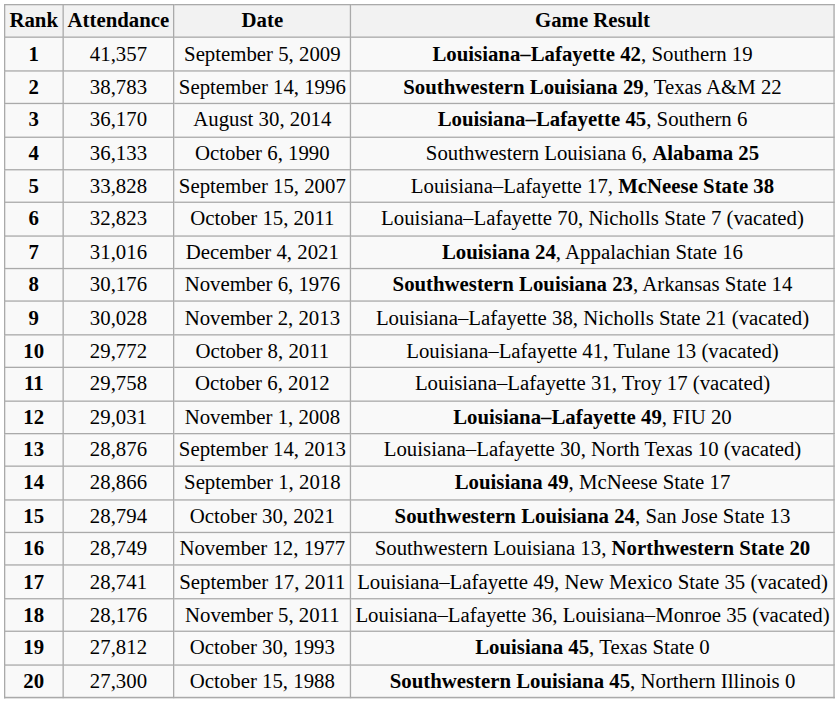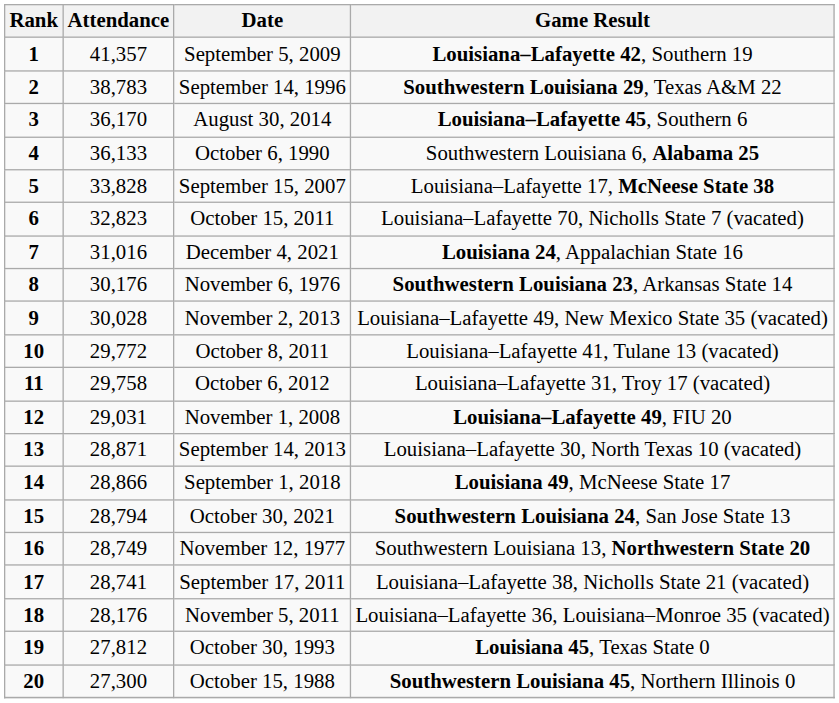 <table class="wikitable">
 <tr>
 <th>Rank</th>
 <th>Attendance</th>
 <th>Date</th>
 <th>Game Result</th>
 </tr>
 <tr align="center">
 <td><strong>1</strong></td>
 <td>41,357</td>
 <td>September 5, 2009</td>
 <td><strong>Louisiana–Lafayette 42</strong>, Southern 19</td>
 </tr>
 <tr align="center">
 <td><strong>2</strong></td>
 <td>38,783</td>
 <td>September 14, 1996</td>
 <td><strong>Southwestern Louisiana 29</strong>,  Texas A&M 22</td>
 </tr>
 <tr align="center">
 <td><strong>3</strong></td>
 <td>36,170</td>
 <td>August 30, 2014</td>
 <td><strong>Louisiana–Lafayette 45</strong>, Southern 6</td>
 </tr>
 <tr align="center">
 <td><strong>4</strong></td>
 <td>36,133</td>
 <td>October 6, 1990</td>
 <td>Southwestern Louisiana 6, <strong> Alabama 25</strong></td>
 </tr>
 <tr align="center">
 <td><strong>5</strong></td>
 <td>33,828</td>
 <td>September 15, 2007</td>
 <td>Louisiana–Lafayette 17, <strong>McNeese State 38</strong></td>
 </tr>
 <tr align="center">
 <td><strong>6</strong></td>
 <td>32,823</td>
 <td>October 15, 2011</td>
 <td>Louisiana–Lafayette 70, Nicholls State 7 (vacated)</td>
 </tr>
 <tr align="center">
 <td><strong>7</strong></td>
 <td>31,016</td>
 <td>December 4, 2021</td>
 <td><strong> Louisiana 24</strong>, Appalachian State 16</td>
 </tr>
 <tr align="center">
 <td><strong>8</strong></td>
 <td>30,176</td>
 <td>November 6, 1976</td>
 <td><strong>Southwestern Louisiana 23</strong>, Arkansas State 14</td>
 </tr>
 <tr align="center">
 <td><strong>9</strong></td>
 <td>30,028</td>
 <td>November 2, 2013</td>
-<td>Louisiana–Lafayette 38, Nicholls State 21 (vacated)</td>
+<td>Louisiana–Lafayette 49, New Mexico State 35 (vacated)</td>
 </tr>
 <tr align="center">
 <td><strong>10</strong></td>
 <td>29,772</td>
 <td>October 8, 2011</td>
 <td>Louisiana–Lafayette 41, Tulane 13 (vacated)</td>
 </tr>
 <tr align="center">
 <td><strong>11</strong></td>
 <td>29,758</td>
 <td>October 6, 2012</td>
 <td>Louisiana–Lafayette 31, Troy 17 (vacated)</td>
 </tr>
 <tr align="center">
 <td><strong>12</strong></td>
 <td>29,031</td>
 <td>November 1, 2008</td>
 <td><strong>Louisiana–Lafayette 49</strong>, FIU 20</td>
 </tr>
 <tr align="center">
 <td><strong>13</strong></td>
-<td>28,876</td>
+<td>28,871</td>
 <td>September 14, 2013</td>
 <td>Louisiana–Lafayette 30, North Texas 10 (vacated)</td>
 </tr>
 <tr align="center">
 <td><strong>14</strong></td>
 <td>28,866</td>
 <td>September 1, 2018</td>
 <td><strong>Louisiana 49</strong>, McNeese State 17</td>
 </tr>
 <tr align="center">
 <td><strong>15</strong></td>
 <td>28,794</td>
 <td>October 30, 2021</td>
 <td><strong>Southwestern Louisiana 24</strong>, San Jose State 13</td>
 </tr>
 <tr align="center">
 <td><strong>16</strong></td>
 <td>28,749</td>
 <td>November 12, 1977</td>
 <td>Southwestern Louisiana 13, <strong>Northwestern State 20</strong></td>
 </tr>
 <tr align="center">
 <td><strong>17</strong></td>
 <td>28,741</td>
 <td>September 17, 2011</td>
-<td>Louisiana–Lafayette 49, New Mexico State 35 (vacated)</td>
+<td>Louisiana–Lafayette 38, Nicholls State 21 (vacated)</td>
 </tr>
 <tr align="center">
 <td><strong>18</strong></td>
 <td>28,176</td>
 <td>November 5, 2011</td>
 <td>Louisiana–Lafayette 36, Louisiana–Monroe 35 (vacated)</td>
 </tr>
 <tr align="center">
 <td><strong>19</strong></td>
 <td>27,812</td>
 <td>October 30, 1993</td>
 <td><strong> Louisiana 45</strong>, Texas State 0</td>
 </tr>
 <tr align="center">
 <td><strong>20</strong></td>
 <td>27,300</td>
 <td>October 15, 1988</td>
 <td><strong>Southwestern Louisiana 45</strong>, Northern Illinois 0</td>
 </tr>
 <tr align="center">
 </tr>
 <tr>
 </tr>
 </table>
